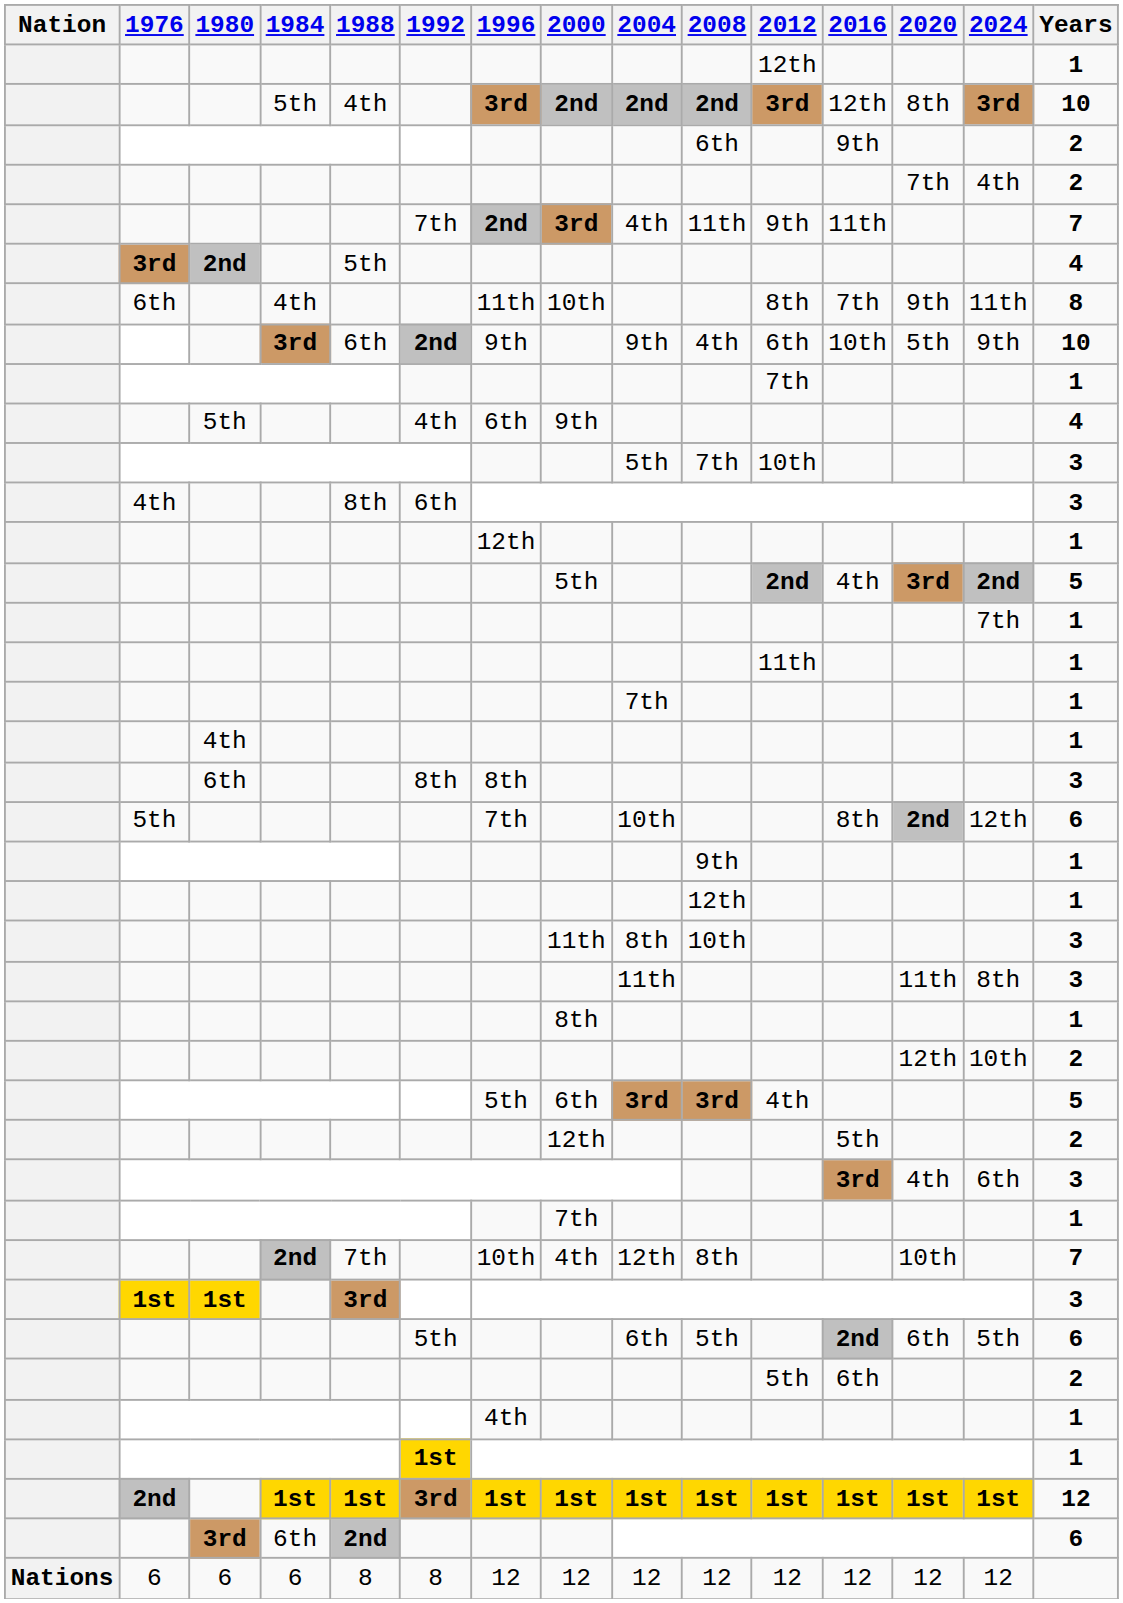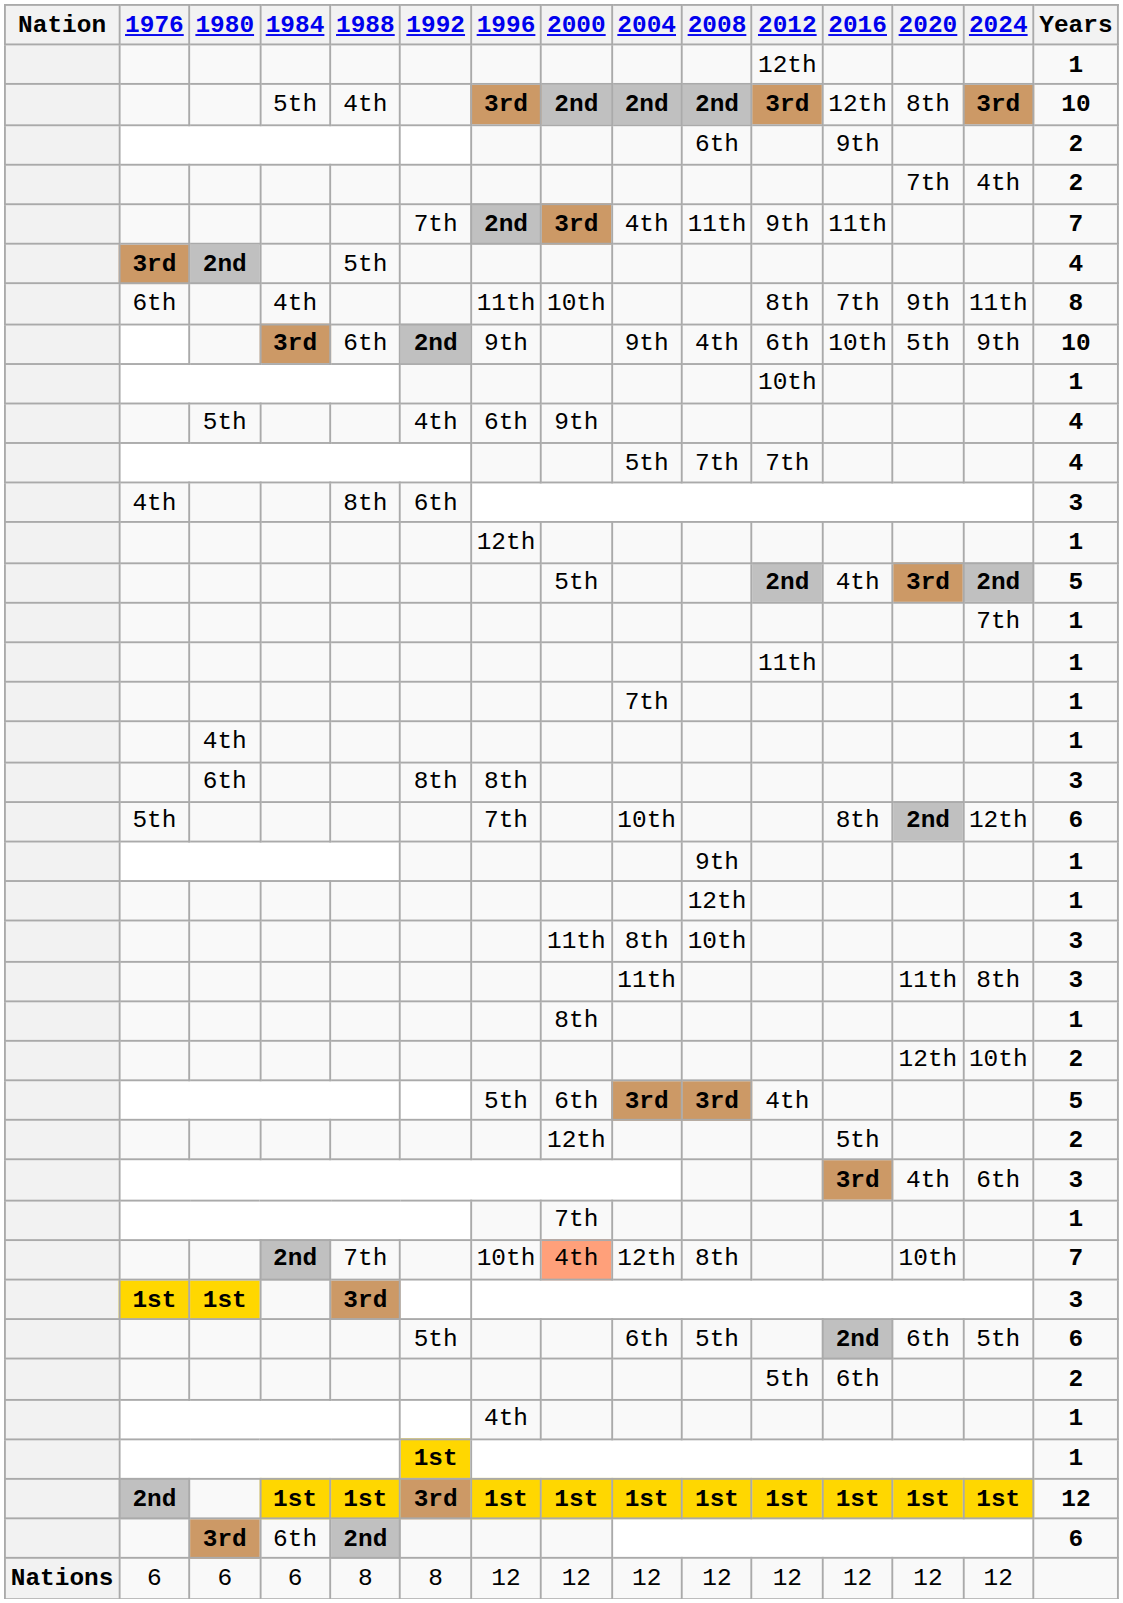 <table class="wikitable plainrowheaders sticky-header" style="text-align:center">
 <tr>
 <th scope="col">Nation</th>
 <th scope="col"><a href='#'>1976</a><br></th>
 <th scope="col"><a href='#'>1980</a><br></th>
 <th scope="col"><a href='#'>1984</a><br></th>
 <th scope="col"><a href='#'>1988</a><br></th>
 <th scope="col"><a href='#'>1992</a><br></th>
 <th scope="col"><a href='#'>1996</a><br></th>
 <th scope="col"><a href='#'>2000</a><br></th>
 <th scope="col"><a href='#'>2004</a><br></th>
 <th scope="col"><a href='#'>2008</a><br></th>
 <th scope="col"><a href='#'>2012</a><br></th>
 <th scope="col"><a href='#'>2016</a><br></th>
 <th scope="col"><a href='#'>2020</a><br></th>
 <th scope="col"><a href='#'>2024</a><br></th>
 <th scope="col">Years</th>
 </tr>
 <tr>
 <th scope="row"></th>
 <td></td>
 <td></td>
 <td></td>
 <td></td>
 <td></td>
 <td></td>
 <td></td>
 <td></td>
 <td></td>
 <td>12th</td>
 <td></td>
 <td></td>
 <td></td>
 <td><strong>1</strong></td>
 </tr>
 <tr>
 <th scope="row"></th>
 <td></td>
 <td></td>
 <td>5th</td>
 <td>4th</td>
 <td></td>
 <td bgcolor=cc9966><strong>3rd</strong></td>
 <td bgcolor=silver><strong>2nd</strong></td>
 <td bgcolor=silver><strong>2nd</strong></td>
 <td bgcolor=silver><strong>2nd</strong></td>
 <td bgcolor=cc9966><strong>3rd</strong></td>
 <td>12th</td>
 <td>8th</td>
 <td bgcolor=cc9966><strong>3rd</strong></td>
 <td><strong>10</strong></td>
 </tr>
 <tr>
 <th scope="row"></th>
 <td bgcolor=white colspan=4></td>
 <td bgcolor=white></td>
 <td></td>
 <td></td>
 <td></td>
 <td>6th</td>
 <td></td>
 <td>9th</td>
 <td></td>
 <td></td>
 <td><strong>2</strong></td>
 </tr>
 <tr>
 <th scope="row"></th>
 <td></td>
 <td></td>
 <td></td>
 <td></td>
 <td></td>
 <td></td>
 <td></td>
 <td></td>
 <td></td>
 <td></td>
 <td></td>
 <td>7th</td>
 <td>4th</td>
 <td><strong>2</strong></td>
 </tr>
 <tr>
 <th scope="row"></th>
 <td></td>
 <td></td>
 <td></td>
 <td></td>
 <td>7th</td>
 <td bgcolor=silver><strong>2nd</strong></td>
 <td bgcolor=#cc9966><strong>3rd</strong></td>
 <td>4th</td>
 <td>11th</td>
 <td>9th</td>
 <td>11th</td>
 <td></td>
 <td></td>
 <td><strong>7</strong></td>
 </tr>
 <tr>
 <th scope="row"></th>
 <td bgcolor=#cc9966><strong>3rd</strong></td>
 <td bgcolor=silver><strong>2nd</strong></td>
 <td></td>
 <td>5th</td>
 <td></td>
 <td></td>
 <td></td>
 <td></td>
 <td></td>
 <td></td>
 <td></td>
 <td></td>
 <td></td>
 <td><strong>4</strong></td>
 </tr>
 <tr>
 <th scope="row"></th>
 <td>6th</td>
 <td></td>
 <td>4th</td>
 <td></td>
 <td></td>
 <td>11th</td>
 <td>10th</td>
 <td></td>
 <td></td>
 <td>8th</td>
 <td>7th</td>
 <td>9th</td>
 <td>11th</td>
 <td><strong>8</strong></td>
 </tr>
 <tr>
 <th scope="row"></th>
 <td bgcolor=white></td>
 <td></td>
 <td bgcolor=#cc9966><strong>3rd</strong></td>
 <td>6th</td>
 <td bgcolor=silver><strong>2nd</strong></td>
 <td>9th</td>
 <td></td>
 <td>9th</td>
 <td>4th</td>
 <td>6th</td>
 <td>10th</td>
 <td>5th</td>
 <td>9th</td>
 <td><strong>10</strong></td>
 </tr>
 <tr>
 <th scope="row"></th>
 <td bgcolor=white colspan=4></td>
 <td></td>
 <td></td>
 <td></td>
 <td></td>
 <td></td>
-<td>7th</td>
+<td>10th</td>
 <td></td>
 <td></td>
 <td></td>
 <td><strong>1</strong></td>
 </tr>
 <tr>
 <th scope="row"></th>
 <td></td>
 <td>5th</td>
 <td></td>
 <td></td>
 <td>4th</td>
 <td>6th</td>
 <td>9th</td>
 <td></td>
 <td></td>
 <td></td>
 <td></td>
 <td></td>
 <td></td>
 <td><strong>4</strong></td>
 </tr>
 <tr>
 <th scope="row"></th>
 <td bgcolor=white colspan=5></td>
 <td></td>
 <td></td>
 <td>5th</td>
 <td>7th</td>
-<td>10th</td>
+<td>7th</td>
 <td></td>
 <td></td>
 <td></td>
-<td><strong>3</strong></td>
+<td><strong>4</strong></td>
 </tr>
 <tr>
 <th scope="row"></th>
 <td>4th</td>
 <td></td>
 <td></td>
 <td>8th</td>
 <td>6th</td>
 <td bgcolor=white colspan=8></td>
 <td><strong>3</strong></td>
 </tr>
 <tr>
 <th scope="row"></th>
 <td></td>
 <td></td>
 <td></td>
 <td></td>
 <td></td>
 <td>12th</td>
 <td></td>
 <td></td>
 <td></td>
 <td></td>
 <td></td>
 <td></td>
 <td></td>
 <td><strong>1</strong></td>
 </tr>
 <tr>
 <th scope="row"></th>
 <td></td>
 <td></td>
 <td></td>
 <td></td>
 <td></td>
 <td></td>
 <td>5th</td>
 <td></td>
 <td></td>
 <td bgcolor=silver><strong>2nd</strong></td>
 <td>4th</td>
 <td bgcolor=#cc9966><strong>3rd</strong></td>
 <td bgcolor=silver><strong>2nd</strong></td>
 <td><strong>5</strong></td>
 </tr>
 <tr>
 <th scope="row"></th>
 <td></td>
 <td></td>
 <td></td>
 <td></td>
 <td></td>
 <td></td>
 <td></td>
 <td></td>
 <td></td>
 <td></td>
 <td></td>
 <td></td>
 <td>7th</td>
 <td><strong>1</strong></td>
 </tr>
 <tr>
 <th scope="row"></th>
 <td></td>
 <td></td>
 <td></td>
 <td></td>
 <td></td>
 <td></td>
 <td></td>
 <td></td>
 <td></td>
 <td>11th</td>
 <td></td>
 <td></td>
 <td></td>
 <td><strong>1</strong></td>
 </tr>
 <tr>
 <th scope="row"></th>
 <td></td>
 <td></td>
 <td></td>
 <td></td>
 <td></td>
 <td></td>
 <td></td>
 <td>7th</td>
 <td></td>
 <td></td>
 <td></td>
 <td></td>
 <td></td>
 <td><strong>1</strong></td>
 </tr>
 <tr>
 <th scope="row"></th>
 <td></td>
 <td>4th</td>
 <td></td>
 <td></td>
 <td></td>
 <td></td>
 <td></td>
 <td></td>
 <td></td>
 <td></td>
 <td></td>
 <td></td>
 <td></td>
 <td><strong>1</strong></td>
 </tr>
 <tr>
 <th scope="row"></th>
 <td></td>
 <td>6th</td>
 <td></td>
 <td></td>
 <td>8th</td>
 <td>8th</td>
 <td></td>
 <td></td>
 <td></td>
 <td></td>
 <td></td>
 <td></td>
 <td></td>
 <td><strong>3</strong></td>
 </tr>
 <tr>
 <th scope="row"></th>
 <td>5th</td>
 <td></td>
 <td></td>
 <td></td>
 <td></td>
 <td>7th</td>
 <td></td>
 <td>10th</td>
 <td></td>
 <td></td>
 <td>8th</td>
 <td bgcolor=silver><strong>2nd</strong></td>
 <td>12th</td>
 <td><strong>6</strong></td>
 </tr>
 <tr>
 <th scope="row"></th>
 <td bgcolor=white colspan=4></td>
 <td></td>
 <td></td>
 <td></td>
 <td></td>
 <td>9th</td>
 <td></td>
 <td></td>
 <td></td>
 <td></td>
 <td><strong>1</strong></td>
 </tr>
 <tr>
 <th scope="row"></th>
 <td></td>
 <td></td>
 <td></td>
 <td></td>
 <td></td>
 <td></td>
 <td></td>
 <td></td>
 <td>12th</td>
 <td></td>
 <td></td>
 <td></td>
 <td></td>
 <td><strong>1</strong></td>
 </tr>
 <tr>
 <th scope="row"></th>
 <td></td>
 <td></td>
 <td></td>
 <td></td>
 <td></td>
 <td></td>
 <td>11th</td>
 <td>8th</td>
 <td>10th</td>
 <td></td>
 <td></td>
 <td></td>
 <td></td>
 <td><strong>3</strong></td>
 </tr>
 <tr>
 <th scope="row"></th>
 <td></td>
 <td></td>
 <td></td>
 <td></td>
 <td></td>
 <td></td>
 <td></td>
 <td>11th</td>
 <td></td>
 <td></td>
 <td></td>
 <td>11th</td>
 <td>8th</td>
 <td><strong>3</strong></td>
 </tr>
 <tr>
 <th scope="row"></th>
 <td></td>
 <td></td>
 <td></td>
 <td></td>
 <td></td>
 <td></td>
 <td>8th</td>
 <td></td>
 <td></td>
 <td></td>
 <td></td>
 <td></td>
 <td></td>
 <td><strong>1</strong></td>
 </tr>
 <tr>
 <th scope="row"></th>
 <td></td>
 <td></td>
 <td></td>
 <td></td>
 <td></td>
 <td></td>
 <td></td>
 <td></td>
 <td></td>
 <td></td>
 <td></td>
 <td>12th</td>
 <td>10th</td>
 <td><strong>2</strong></td>
 </tr>
 <tr>
 <th scope="row"></th>
 <td bgcolor=white colspan=4></td>
 <td bgcolor=white></td>
 <td>5th</td>
 <td>6th</td>
 <td bgcolor=#cc9966><strong>3rd</strong></td>
 <td bgcolor=#cc9966><strong>3rd</strong></td>
 <td>4th</td>
 <td></td>
 <td></td>
 <td></td>
 <td><strong>5</strong></td>
 </tr>
 <tr>
 <th scope="row"></th>
 <td></td>
 <td></td>
 <td></td>
 <td></td>
 <td></td>
 <td></td>
 <td>12th</td>
 <td></td>
 <td></td>
 <td></td>
 <td>5th</td>
 <td></td>
 <td></td>
 <td><strong>2</strong></td>
 </tr>
 <tr>
 <th scope="row"></th>
 <td bgcolor=white colspan=8></td>
 <td></td>
 <td></td>
 <td bgcolor=#cc9966><strong>3rd</strong></td>
 <td>4th</td>
 <td>6th</td>
 <td><strong>3</strong></td>
 </tr>
 <tr>
 <th scope="row"></th>
 <td bgcolor=white colspan=5></td>
 <td></td>
 <td>7th</td>
 <td></td>
 <td></td>
 <td></td>
 <td></td>
 <td></td>
 <td></td>
 <td><strong>1</strong></td>
 </tr>
 <tr>
 <th scope="row"></th>
 <td></td>
 <td></td>
 <td bgcolor=silver><strong>2nd</strong></td>
 <td>7th</td>
 <td></td>
 <td>10th</td>
-<td>4th</td>
+<td style="background: lightsalmon;">4th</td>
 <td>12th</td>
 <td>8th</td>
 <td></td>
 <td></td>
 <td>10th</td>
 <td></td>
 <td><strong>7</strong></td>
 </tr>
 <tr>
 <th scope="row"></th>
 <td bgcolor=gold><strong>1st</strong></td>
 <td bgcolor=gold><strong>1st</strong></td>
 <td></td>
 <td bgcolor=#cc9966><strong>3rd</strong></td>
 <td bgcolor=white></td>
 <td bgcolor=white colspan=8></td>
 <td><strong>3</strong></td>
 </tr>
 <tr>
 <th scope="row"></th>
 <td></td>
 <td></td>
 <td></td>
 <td></td>
 <td>5th</td>
 <td></td>
 <td></td>
 <td>6th</td>
 <td>5th</td>
 <td></td>
 <td bgcolor=silver><strong>2nd</strong></td>
 <td>6th</td>
 <td>5th</td>
 <td><strong>6</strong></td>
 </tr>
 <tr>
 <th scope="row"></th>
 <td></td>
 <td></td>
 <td></td>
 <td></td>
 <td></td>
 <td></td>
 <td></td>
 <td></td>
 <td></td>
 <td>5th</td>
 <td>6th</td>
 <td></td>
 <td></td>
 <td><strong>2</strong></td>
 </tr>
 <tr>
 <th scope="row"></th>
 <td bgcolor=white colspan=4></td>
 <td bgcolor=white></td>
 <td>4th</td>
 <td></td>
 <td></td>
 <td></td>
 <td></td>
 <td></td>
 <td></td>
 <td></td>
 <td><strong>1</strong></td>
 </tr>
 <tr>
 <th scope="row"></th>
 <td bgcolor=white colspan=4></td>
 <td bgcolor=gold><strong>1st</strong></td>
 <td bgcolor=white colspan=8></td>
 <td><strong>1</strong></td>
 </tr>
 <tr>
 <th scope="row"></th>
 <td bgcolor=silver><strong>2nd</strong></td>
 <td></td>
 <td bgcolor=gold><strong>1st</strong></td>
 <td bgcolor=gold><strong>1st</strong></td>
 <td bgcolor=#cc9966><strong>3rd</strong></td>
 <td bgcolor=gold><strong>1st</strong></td>
 <td bgcolor=gold><strong>1st</strong></td>
 <td bgcolor=gold><strong>1st</strong></td>
 <td bgcolor=gold><strong>1st</strong></td>
 <td bgcolor=gold><strong>1st</strong></td>
 <td bgcolor=gold><strong>1st</strong></td>
 <td bgcolor=gold><strong>1st</strong></td>
 <td bgcolor=gold><strong>1st</strong></td>
 <td><strong>12</strong></td>
 </tr>
 <tr>
 <th scope="row"></th>
 <td></td>
 <td bgcolor=#cc9966><strong>3rd</strong></td>
 <td>6th</td>
 <td bgcolor=silver><strong>2nd</strong></td>
 <td></td>
 <td></td>
 <td></td>
 <td bgcolor=white colspan=6></td>
 <td><strong>6</strong></td>
 </tr>
 <tr>
 <th scope="row"><strong>Nations</strong></th>
 <td>6</td>
 <td>6</td>
 <td>6</td>
 <td>8</td>
 <td>8</td>
 <td>12</td>
 <td>12</td>
 <td>12</td>
 <td>12</td>
 <td>12</td>
 <td>12</td>
 <td>12</td>
 <td>12</td>
 <td></td>
 </tr>
 </table>
